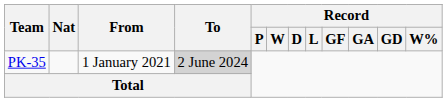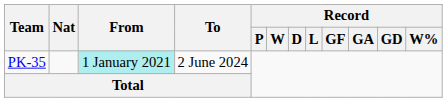 <table class="wikitable" style="text-align:center">
 <tr>
 <th rowspan="2">Team</th>
 <th rowspan="2">Nat</th>
 <th rowspan="2">From</th>
 <th rowspan="2">To</th>
 <th colspan="8">Record</th>
 </tr>
 <tr>
 <th>P</th>
 <th>W</th>
 <th>D</th>
 <th>L</th>
 <th>GF</th>
 <th>GA</th>
 <th>GD</th>
 <th>W%</th>
 </tr>
 <tr>
 <td align=left><a href='#'>PK-35</a></td>
 <td></td>
-<td align=left>1 January 2021</td>
-<td align=left style="background: lightgrey;">2 June 2024<br></td>
+<td align=left style="background: paleturquoise;">1 January 2021</td>
+<td align=left>2 June 2024<br></td>
 </tr>
 <tr>
 <th colspan="4">Total<br></th>
 </tr>
 </table>
